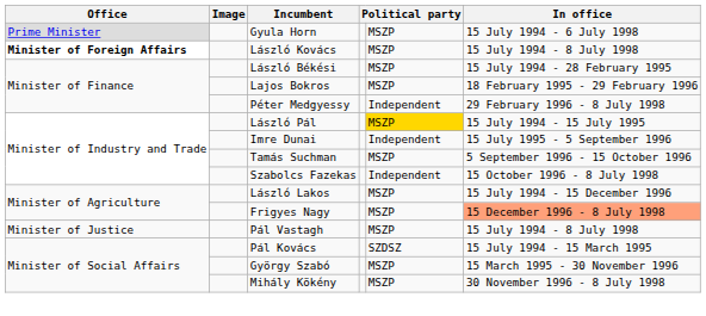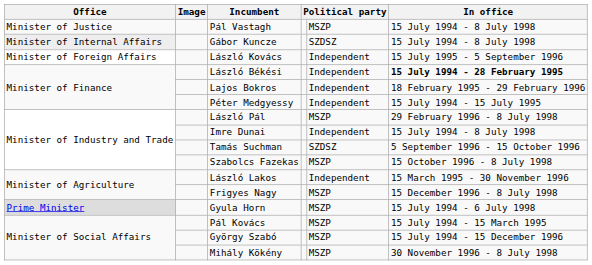 <table class="wikitable">
 <tr>
 <th>Office</th>
 <th>Image</th>
 <th>Incumbent</th>
 <th colspan="2">Political party</th>
 <th>In office</th>
+</tr>
+<tr>
+<td>Minister of Justice</td>
+<td></td>
+<td>Pál Vastagh</td>
+<td style="background-color: "></td>
+<td>MSZP</td>
+<td>15 July 1994 - 8 July 1998</td>
+</tr>
+<tr>
+<td style="background:#eee;">Minister of Internal Affairs</td>
+<td></td>
+<td>Gábor Kuncze</td>
+<td style="background-color: "></td>
+<td>SZDSZ</td>
+<td>15 July 1994 - 8 July 1998</td>
+</tr>
+<tr>
+<td style="background:#fff;">Minister of Foreign Affairs</td>
+<td></td>
+<td>László Kovács</td>
+<td style="background-color: "></td>
+<td>Independent</td>
+<td>15 July 1995 - 5 September 1996</td>
+</tr>
+<tr>
+<td rowspan="3">Minister of Finance</td>
+<td></td>
+<td>László Békési</td>
+<td style="background-color: "></td>
+<td>Independent</td>
+<td><strong>15 July 1994 - 28 February 1995</strong></td>
+</tr>
+<tr>
+<td></td>
+<td>Lajos Bokros</td>
+<td style="background-color: "></td>
+<td>Independent</td>
+<td>18 February 1995 - 29 February 1996</td>
+</tr>
+<tr>
+<td></td>
+<td>Péter Medgyessy</td>
+<td style="background-color: "></td>
+<td>Independent</td>
+<td>15 July 1994 - 15 July 1995</td>
+</tr>
+<tr>
+<td rowspan="4" style="background:#fff;">Minister of Industry and Trade</td>
+<td></td>
+<td>László Pál</td>
+<td style="background-color: "></td>
+<td>MSZP</td>
+<td>29 February 1996 - 8 July 1998</td>
+</tr>
+<tr>
+<td></td>
+<td>Imre Dunai</td>
+<td style="background-color: "></td>
+<td>Independent</td>
+<td>15 July 1994 - 8 July 1998</td>
+</tr>
+<tr>
+<td></td>
+<td>Tamás Suchman</td>
+<td style="background-color: "></td>
+<td>SZDSZ</td>
+<td>5 September 1996 - 15 October 1996</td>
+</tr>
+<tr>
+<td></td>
+<td>Szabolcs Fazekas</td>
+<td style="background-color: "></td>
+<td>MSZP</td>
+<td>15 October 1996 - 8 July 1998</td>
+</tr>
+<tr>
+<td rowspan="2">Minister of Agriculture</td>
+<td></td>
+<td>László Lakos</td>
+<td style="background-color: "></td>
+<td>Independent</td>
+<td>15 March 1995 - 30 November 1996</td>
+</tr>
+<tr>
+<td></td>
+<td>Frigyes Nagy</td>
+<td style="background-color: "></td>
+<td>MSZP</td>
+<td>15 December 1996 - 8 July 1998</td>
 </tr>
 <tr>
 <td style="background:#ddd;"><a href='#'>Prime Minister</a></td>
 <td></td>
 <td>Gyula Horn</td>
 <td style="background-color: "></td>
 <td>MSZP</td>
 <td>15 July 1994 - 6 July 1998</td>
 </tr>
 <tr>
-<td style="background:#fff;"><strong>Minister of Foreign Affairs</strong></td>
-<td></td>
-<td>László Kovács</td>
-<td style="background-color: "></td>
-<td>MSZP</td>
-<td>15 July 1994 - 8 July 1998</td>
-</tr>
-<tr>
-<td rowspan="3">Minister of Finance</td>
-<td></td>
-<td>László Békési</td>
-<td style="background-color: "></td>
-<td>MSZP</td>
-<td>15 July 1994 - 28 February 1995</td>
-</tr>
-<tr>
-<td></td>
-<td>Lajos Bokros</td>
-<td style="background-color: "></td>
-<td>MSZP</td>
-<td>18 February 1995 - 29 February 1996</td>
-</tr>
-<tr>
-<td></td>
-<td>Péter Medgyessy</td>
-<td style="background-color: "></td>
-<td>Independent</td>
-<td>29 February 1996 - 8 July 1998</td>
-</tr>
-<tr>
-<td rowspan="4" style="background:#fff;">Minister of Industry and Trade</td>
-<td></td>
-<td>László Pál</td>
-<td style="background-color: "></td>
-<td style="background: gold;">MSZP</td>
-<td>15 July 1994 - 15 July 1995</td>
-</tr>
-<tr>
-<td></td>
-<td>Imre Dunai</td>
-<td style="background-color: "></td>
-<td>Independent</td>
-<td>15 July 1995 - 5 September 1996</td>
-</tr>
-<tr>
-<td></td>
-<td>Tamás Suchman</td>
-<td style="background-color: "></td>
-<td>MSZP</td>
-<td>5 September 1996 - 15 October 1996</td>
-</tr>
-<tr>
-<td></td>
-<td>Szabolcs Fazekas</td>
-<td style="background-color: "></td>
-<td>Independent</td>
-<td>15 October 1996 - 8 July 1998</td>
-</tr>
-<tr>
-<td rowspan="2">Minister of Agriculture</td>
-<td></td>
-<td>László Lakos</td>
-<td style="background-color: "></td>
-<td>MSZP</td>
-<td>15 July 1994 - 15 December 1996</td>
-</tr>
-<tr>
-<td></td>
-<td>Frigyes Nagy</td>
-<td style="background-color: "></td>
-<td>MSZP</td>
-<td style="background: lightsalmon;">15 December 1996 - 8 July 1998</td>
-</tr>
-<tr>
-<td>Minister of Justice</td>
-<td></td>
-<td>Pál Vastagh</td>
-<td style="background-color: "></td>
-<td>MSZP</td>
-<td>15 July 1994 - 8 July 1998</td>
-</tr>
-<tr>
 <td rowspan="3">Minister of Social Affairs</td>
 <td></td>
 <td>Pál Kovács</td>
 <td style="background-color: "></td>
-<td>SZDSZ</td>
+<td>MSZP</td>
 <td>15 July 1994 - 15 March 1995</td>
 </tr>
 <tr>
 <td></td>
 <td>György Szabó</td>
 <td style="background-color: "></td>
 <td>MSZP</td>
-<td>15 March 1995 - 30 November 1996</td>
+<td>15 July 1994 - 15 December 1996</td>
 </tr>
 <tr>
 <td></td>
 <td>Mihály Kökény</td>
 <td style="background-color: "></td>
 <td>MSZP</td>
 <td>30 November 1996 - 8 July 1998</td>
 </tr>
 </table>
